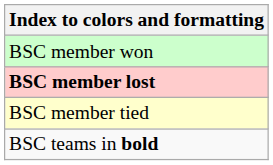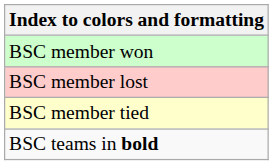 <table class="wikitable">
 <tr>
 <th>Index to colors and formatting</th>
 </tr>
 <tr style="background:#cfc;">
 <td>BSC member won</td>
 </tr>
 <tr style="background:#fcc;">
-<td><strong>BSC member lost</strong></td>
+<td>BSC member lost</td>
 </tr>
 <tr style="background:#ffc;">
 <td>BSC member tied</td>
 </tr>
 <tr>
 <td>BSC teams in <strong>bold</strong></td>
 </tr>
 </table>
